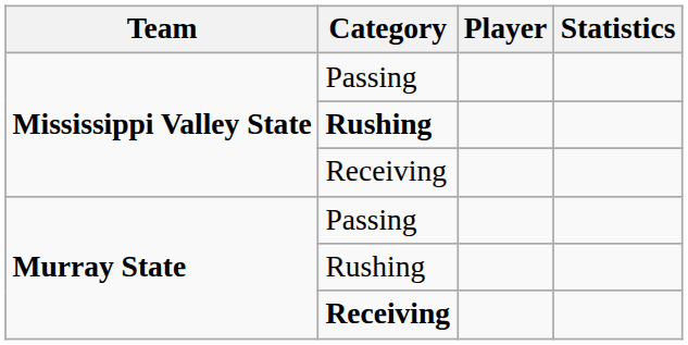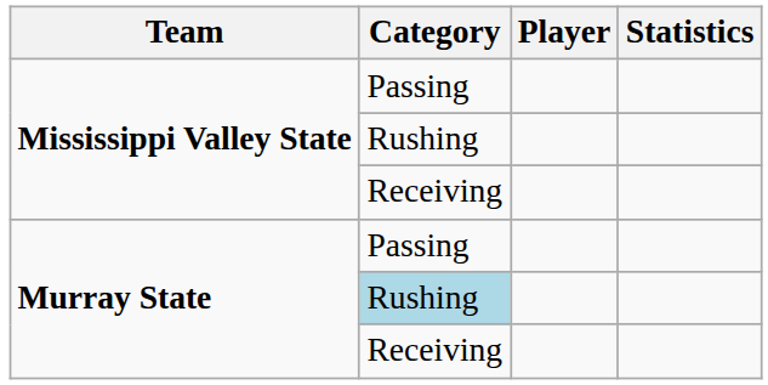 <table class="wikitable" style="float: right;">
 <tr>
 <th>Team</th>
 <th>Category</th>
 <th>Player</th>
 <th>Statistics</th>
 </tr>
 <tr>
 <td rowspan=3><strong>Mississippi Valley State</strong></td>
 <td>Passing</td>
 <td></td>
 <td></td>
 </tr>
 <tr>
-<td><strong>Rushing</strong></td>
+<td>Rushing</td>
 <td></td>
 <td></td>
 </tr>
 <tr>
 <td>Receiving</td>
 <td></td>
 <td></td>
 </tr>
 <tr>
 <td rowspan=3><strong>Murray State</strong></td>
 <td>Passing</td>
 <td></td>
 <td></td>
 </tr>
 <tr>
-<td>Rushing</td>
+<td style="background: lightblue;">Rushing</td>
 <td></td>
 <td></td>
 </tr>
 <tr>
-<td><strong>Receiving</strong></td>
+<td>Receiving</td>
 <td></td>
 <td></td>
 </tr>
 </table>
